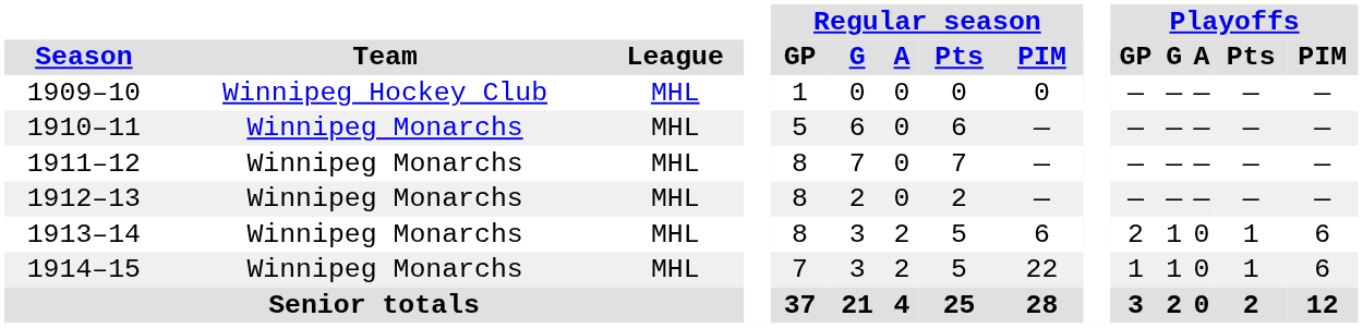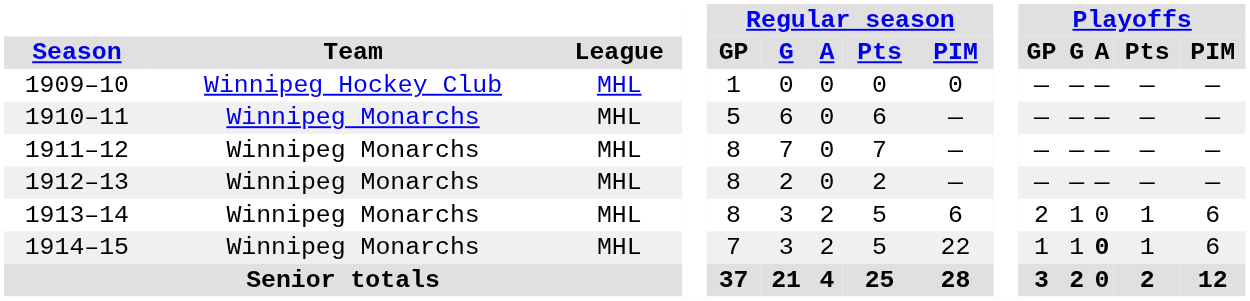 <table border="0" cellpadding="1" cellspacing="0" style="text-align:center; width:50em">
 <tr bgcolor="#e0e0e0">
 <th colspan="3" bgcolor="#ffffff"> </th>
 <th rowspan="99" bgcolor="#ffffff"> </th>
 <th colspan="5"><a href='#'>Regular season</a></th>
 <th rowspan="99" bgcolor="#ffffff"> </th>
 <th colspan="5"><a href='#'>Playoffs</a></th>
 </tr>
 <tr bgcolor="#e0e0e0">
 <th><a href='#'>Season</a></th>
 <th>Team</th>
 <th>League</th>
 <th>GP</th>
 <th><a href='#'>G</a></th>
 <th><a href='#'>A</a></th>
 <th><a href='#'>Pts</a></th>
 <th><a href='#'>PIM</a></th>
 <th>GP</th>
 <th>G</th>
 <th>A</th>
 <th>Pts</th>
 <th>PIM</th>
 </tr>
 <tr>
 <td>1909–10</td>
 <td><a href='#'>Winnipeg Hockey Club</a></td>
 <td><a href='#'>MHL</a></td>
 <td>1</td>
 <td>0</td>
 <td>0</td>
 <td>0</td>
 <td>0</td>
 <td>—</td>
 <td>—</td>
 <td>—</td>
 <td>—</td>
 <td>—</td>
 </tr>
 <tr bgcolor="#f0f0f0">
 <td>1910–11</td>
 <td><a href='#'>Winnipeg Monarchs</a></td>
 <td>MHL</td>
 <td>5</td>
 <td>6</td>
 <td>0</td>
 <td>6</td>
 <td>—</td>
 <td>—</td>
 <td>—</td>
 <td>—</td>
 <td>—</td>
 <td>—</td>
 </tr>
 <tr>
 <td>1911–12</td>
 <td>Winnipeg Monarchs</td>
 <td>MHL</td>
 <td>8</td>
 <td>7</td>
 <td>0</td>
 <td>7</td>
 <td>—</td>
 <td>—</td>
 <td>—</td>
 <td>—</td>
 <td>—</td>
 <td>—</td>
 </tr>
 <tr bgcolor="#f0f0f0">
 <td>1912–13</td>
 <td>Winnipeg Monarchs</td>
 <td>MHL</td>
 <td>8</td>
 <td>2</td>
 <td>0</td>
 <td>2</td>
 <td>—</td>
 <td>—</td>
 <td>—</td>
 <td>—</td>
 <td>—</td>
 <td>—</td>
 </tr>
 <tr>
 <td>1913–14</td>
 <td>Winnipeg Monarchs</td>
 <td>MHL</td>
 <td>8</td>
 <td>3</td>
 <td>2</td>
 <td>5</td>
 <td>6</td>
 <td>2</td>
 <td>1</td>
 <td>0</td>
 <td>1</td>
 <td>6</td>
 </tr>
 <tr bgcolor="#f0f0f0">
 <td>1914–15</td>
 <td>Winnipeg Monarchs</td>
 <td>MHL</td>
 <td>7</td>
 <td>3</td>
 <td>2</td>
 <td>5</td>
 <td>22</td>
 <td>1</td>
 <td>1</td>
-<td>0</td>
+<td><strong>0</strong></td>
 <td>1</td>
 <td>6</td>
 </tr>
 <tr bgcolor="#E0E0E0">
 <th colspan="3">Senior totals</th>
 <th>37</th>
 <th>21</th>
 <th>4</th>
 <th>25</th>
 <th>28</th>
 <th>3</th>
 <th>2</th>
 <th>0</th>
 <th>2</th>
 <th>12</th>
 </tr>
 </table>
